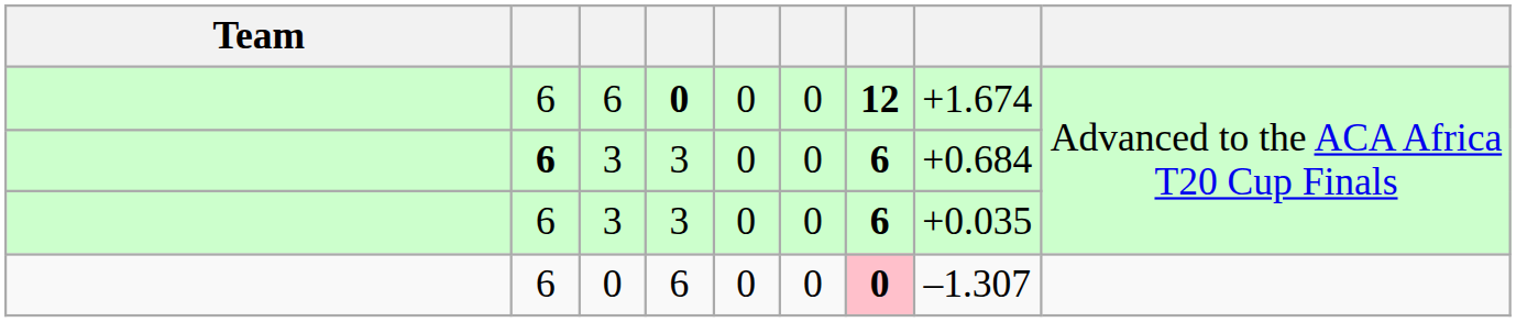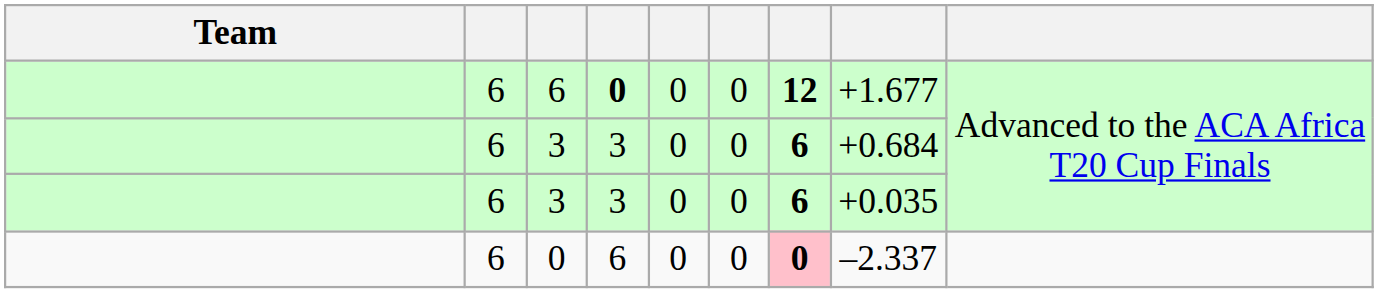 <table class="wikitable" style="text-align:center">
 <tr>
 <th width=200>Team</th>
 <th width=20></th>
 <th width=20></th>
 <th width=20></th>
 <th width=20></th>
 <th width=20></th>
 <th width=20></th>
 <th width=45></th>
 <th style="width:185px;"></th>
 </tr>
 <tr style="background:#cfc;">
 <td align="left"></td>
 <td>6</td>
 <td>6</td>
 <td><strong>0</strong></td>
 <td>0</td>
 <td>0</td>
 <td><strong>12</strong></td>
-<td>+1.674</td>
+<td>+1.677</td>
 <td rowspan=3>Advanced to the <a href='#'>ACA Africa T20 Cup Finals</a></td>
 </tr>
 <tr style="background:#cfc;">
 <td align="left"></td>
-<td><strong>6</strong></td>
+<td>6</td>
 <td>3</td>
 <td>3</td>
 <td>0</td>
 <td>0</td>
 <td><strong>6</strong></td>
 <td>+0.684</td>
 </tr>
 <tr style="background:#cfc;">
 <td align="left"></td>
 <td>6</td>
 <td>3</td>
 <td>3</td>
 <td>0</td>
 <td>0</td>
 <td><strong>6</strong></td>
 <td>+0.035</td>
 </tr>
 <tr>
 <td align="left"></td>
 <td>6</td>
 <td>0</td>
 <td>6</td>
 <td>0</td>
 <td>0</td>
 <td style="background: pink;"><strong>0</strong></td>
-<td>–1.307</td>
+<td>–2.337</td>
 <td></td>
 </tr>
 </table>
